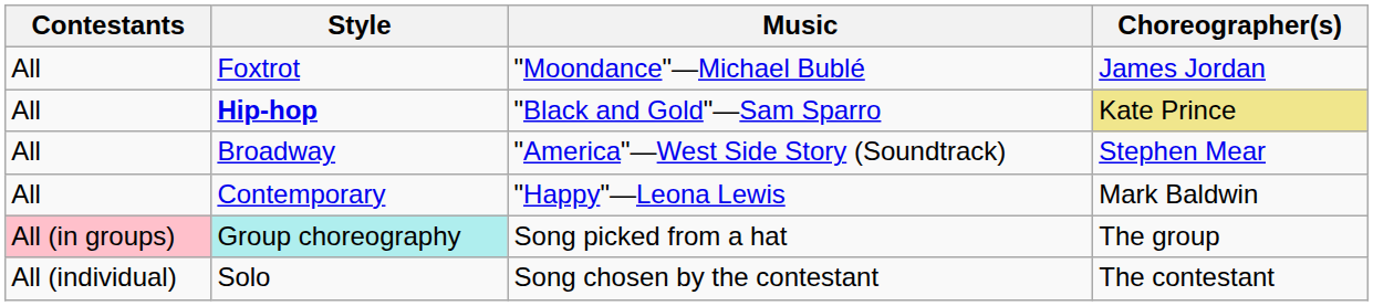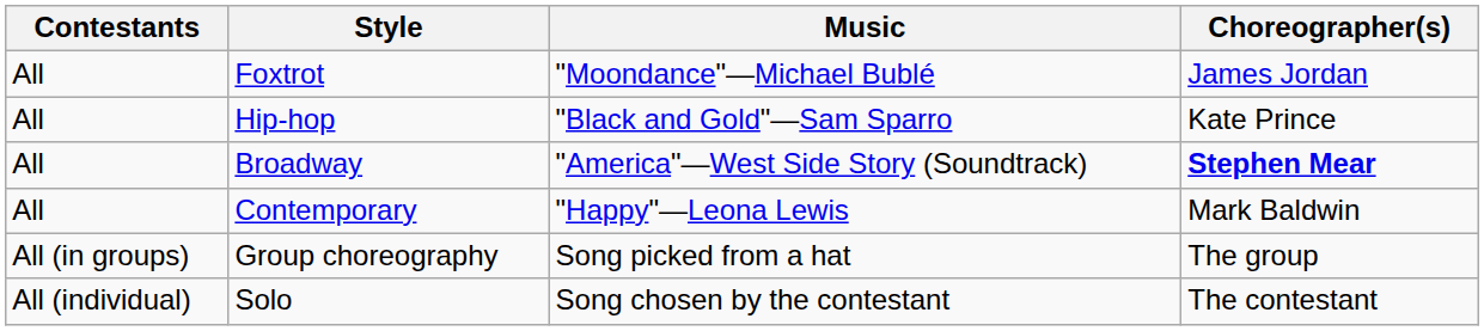 <table class="wikitable" style="width:65%;">
 <tr>
 <th>Contestants</th>
 <th>Style</th>
 <th>Music</th>
 <th>Choreographer(s)</th>
 </tr>
 <tr>
 <td>All</td>
 <td><a href='#'>Foxtrot</a></td>
 <td>"<a href='#'>Moondance</a>"—<a href='#'>Michael Bublé</a></td>
 <td><a href='#'>James Jordan</a></td>
 </tr>
 <tr>
 <td>All</td>
-<td><strong><a href='#'>Hip-hop</a></strong></td>
+<td><a href='#'>Hip-hop</a></td>
 <td>"<a href='#'>Black and Gold</a>"—<a href='#'>Sam Sparro</a></td>
-<td style="background: khaki;">Kate Prince</td>
+<td>Kate Prince</td>
 </tr>
 <tr>
 <td>All</td>
 <td><a href='#'>Broadway</a></td>
 <td>"<a href='#'>America</a>"—<a href='#'>West Side Story</a> (Soundtrack)</td>
-<td><a href='#'>Stephen Mear</a></td>
+<td><strong><a href='#'>Stephen Mear</a></strong></td>
 </tr>
 <tr>
 <td>All</td>
 <td><a href='#'>Contemporary</a></td>
 <td>"<a href='#'>Happy</a>"—<a href='#'>Leona Lewis</a></td>
 <td>Mark Baldwin</td>
 </tr>
 <tr>
-<td style="background: pink;">All (in groups)</td>
-<td style="background: paleturquoise;">Group choreography</td>
+<td>All (in groups)</td>
+<td>Group choreography</td>
 <td>Song picked from a hat</td>
 <td>The group</td>
 </tr>
 <tr>
 <td>All (individual)</td>
 <td>Solo</td>
 <td>Song chosen by the contestant</td>
 <td>The contestant</td>
 </tr>
 </table>
